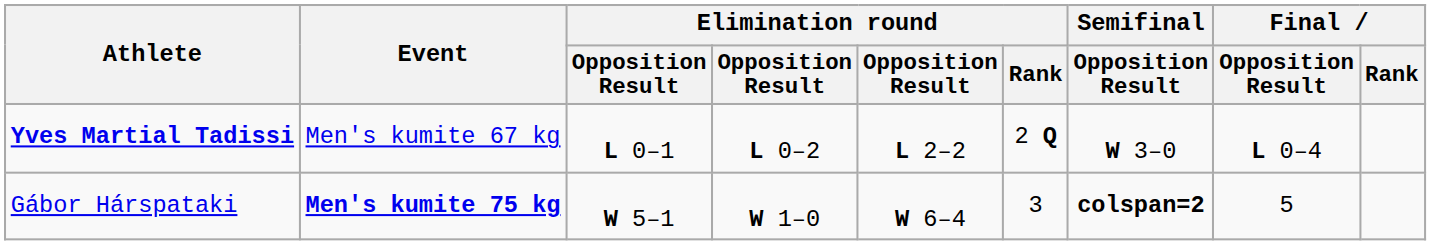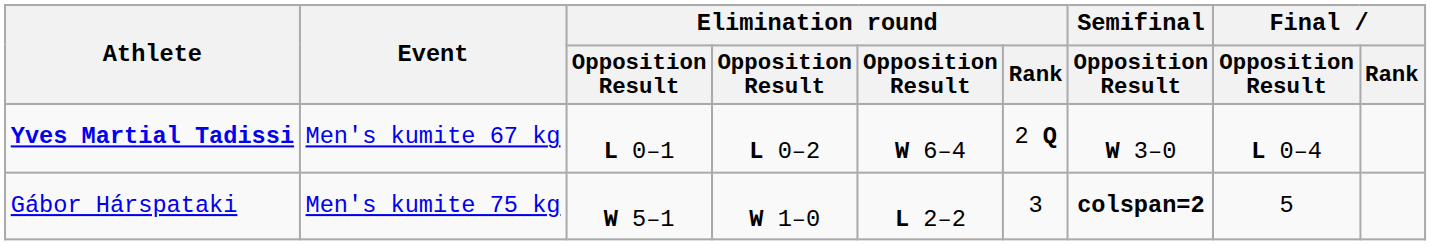 <table class=wikitable style=font-size:90%;text-align:center>
 <tr>
 <th rowspan=2>Athlete</th>
 <th rowspan=2>Event</th>
 <th colspan=4>Elimination round</th>
 <th>Semifinal</th>
 <th colspan=2>Final / </th>
 </tr>
 <tr style=font-size:95%>
 <th>Opposition<br>Result</th>
 <th>Opposition<br>Result</th>
 <th>Opposition<br>Result</th>
 <th>Rank</th>
 <th>Opposition<br>Result</th>
 <th>Opposition<br>Result</th>
 <th>Rank</th>
 </tr>
 <tr>
 <td align=left><strong><a href='#'>Yves Martial Tadissi</a></strong></td>
 <td align=left><a href='#'>Men's kumite 67 kg</a></td>
 <td><br><strong>L</strong> 0–1</td>
 <td><br><strong>L</strong> 0–2</td>
-<td><br><strong>L</strong> 2–2</td>
+<td><br><strong>W</strong> 6–4</td>
 <td>2 <strong>Q</strong></td>
 <td><br><strong>W</strong> 3–0</td>
 <td><br><strong>L</strong> 0–4</td>
 <td></td>
 </tr>
 <tr>
 <td align=left><a href='#'>Gábor Hárspataki</a></td>
-<td align=left><strong><a href='#'>Men's kumite 75 kg</a></strong></td>
+<td align=left><a href='#'>Men's kumite 75 kg</a></td>
 <td><br><strong>W</strong> 5–1</td>
 <td><br><strong>W</strong> 1–0</td>
-<td><br><strong>W</strong> 6–4</td>
+<td><br><strong>L</strong> 2–2</td>
 <td>3</td>
 <td><strong>colspan=2 </strong></td>
 <td>5</td>
 </tr>
 </table>
